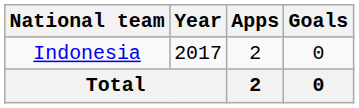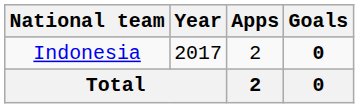 <table class=wikitable style=text-align:center>
 <tr>
 <th>National team</th>
 <th>Year</th>
 <th>Apps</th>
 <th>Goals</th>
 </tr>
 <tr>
 <td><a href='#'>Indonesia</a></td>
 <td>2017</td>
 <td>2</td>
-<td>0</td>
+<td><strong>0</strong></td>
 </tr>
 <tr>
 <th colspan=2>Total</th>
 <th>2</th>
 <th>0</th>
 </tr>
 </table>
